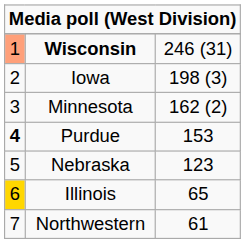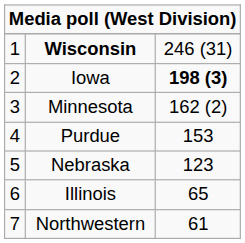 <table class="wikitable" style="display: inline-table;">
 <tr>
 <td style="text-align:center" Colspan="3"><strong>Media poll (West Division)</strong></td>
 </tr>
 <tr style="text-align:center">
 </tr>
 <tr style="text-align:center">
-<td style="background: lightsalmon;">1</td>
+<td>1</td>
 <td><strong>Wisconsin</strong></td>
 <td>246 (31)</td>
 </tr>
 <tr style="text-align:center">
 <td>2</td>
 <td>Iowa</td>
-<td>198 (3)</td>
+<td><strong>198 (3)</strong></td>
 </tr>
 <tr style="text-align:center">
 <td>3</td>
 <td>Minnesota</td>
 <td>162 (2)</td>
 </tr>
 <tr style="text-align:center">
-<td><strong>4</strong></td>
+<td>4</td>
 <td>Purdue</td>
 <td>153</td>
 </tr>
 <tr style="text-align:center">
 <td>5</td>
 <td>Nebraska</td>
 <td>123</td>
 </tr>
 <tr style="text-align:center">
-<td style="background: gold;">6</td>
+<td>6</td>
 <td>Illinois</td>
 <td>65</td>
 </tr>
 <tr style="text-align:center">
 <td>7</td>
 <td>Northwestern</td>
 <td>61</td>
 </tr>
 </table>
